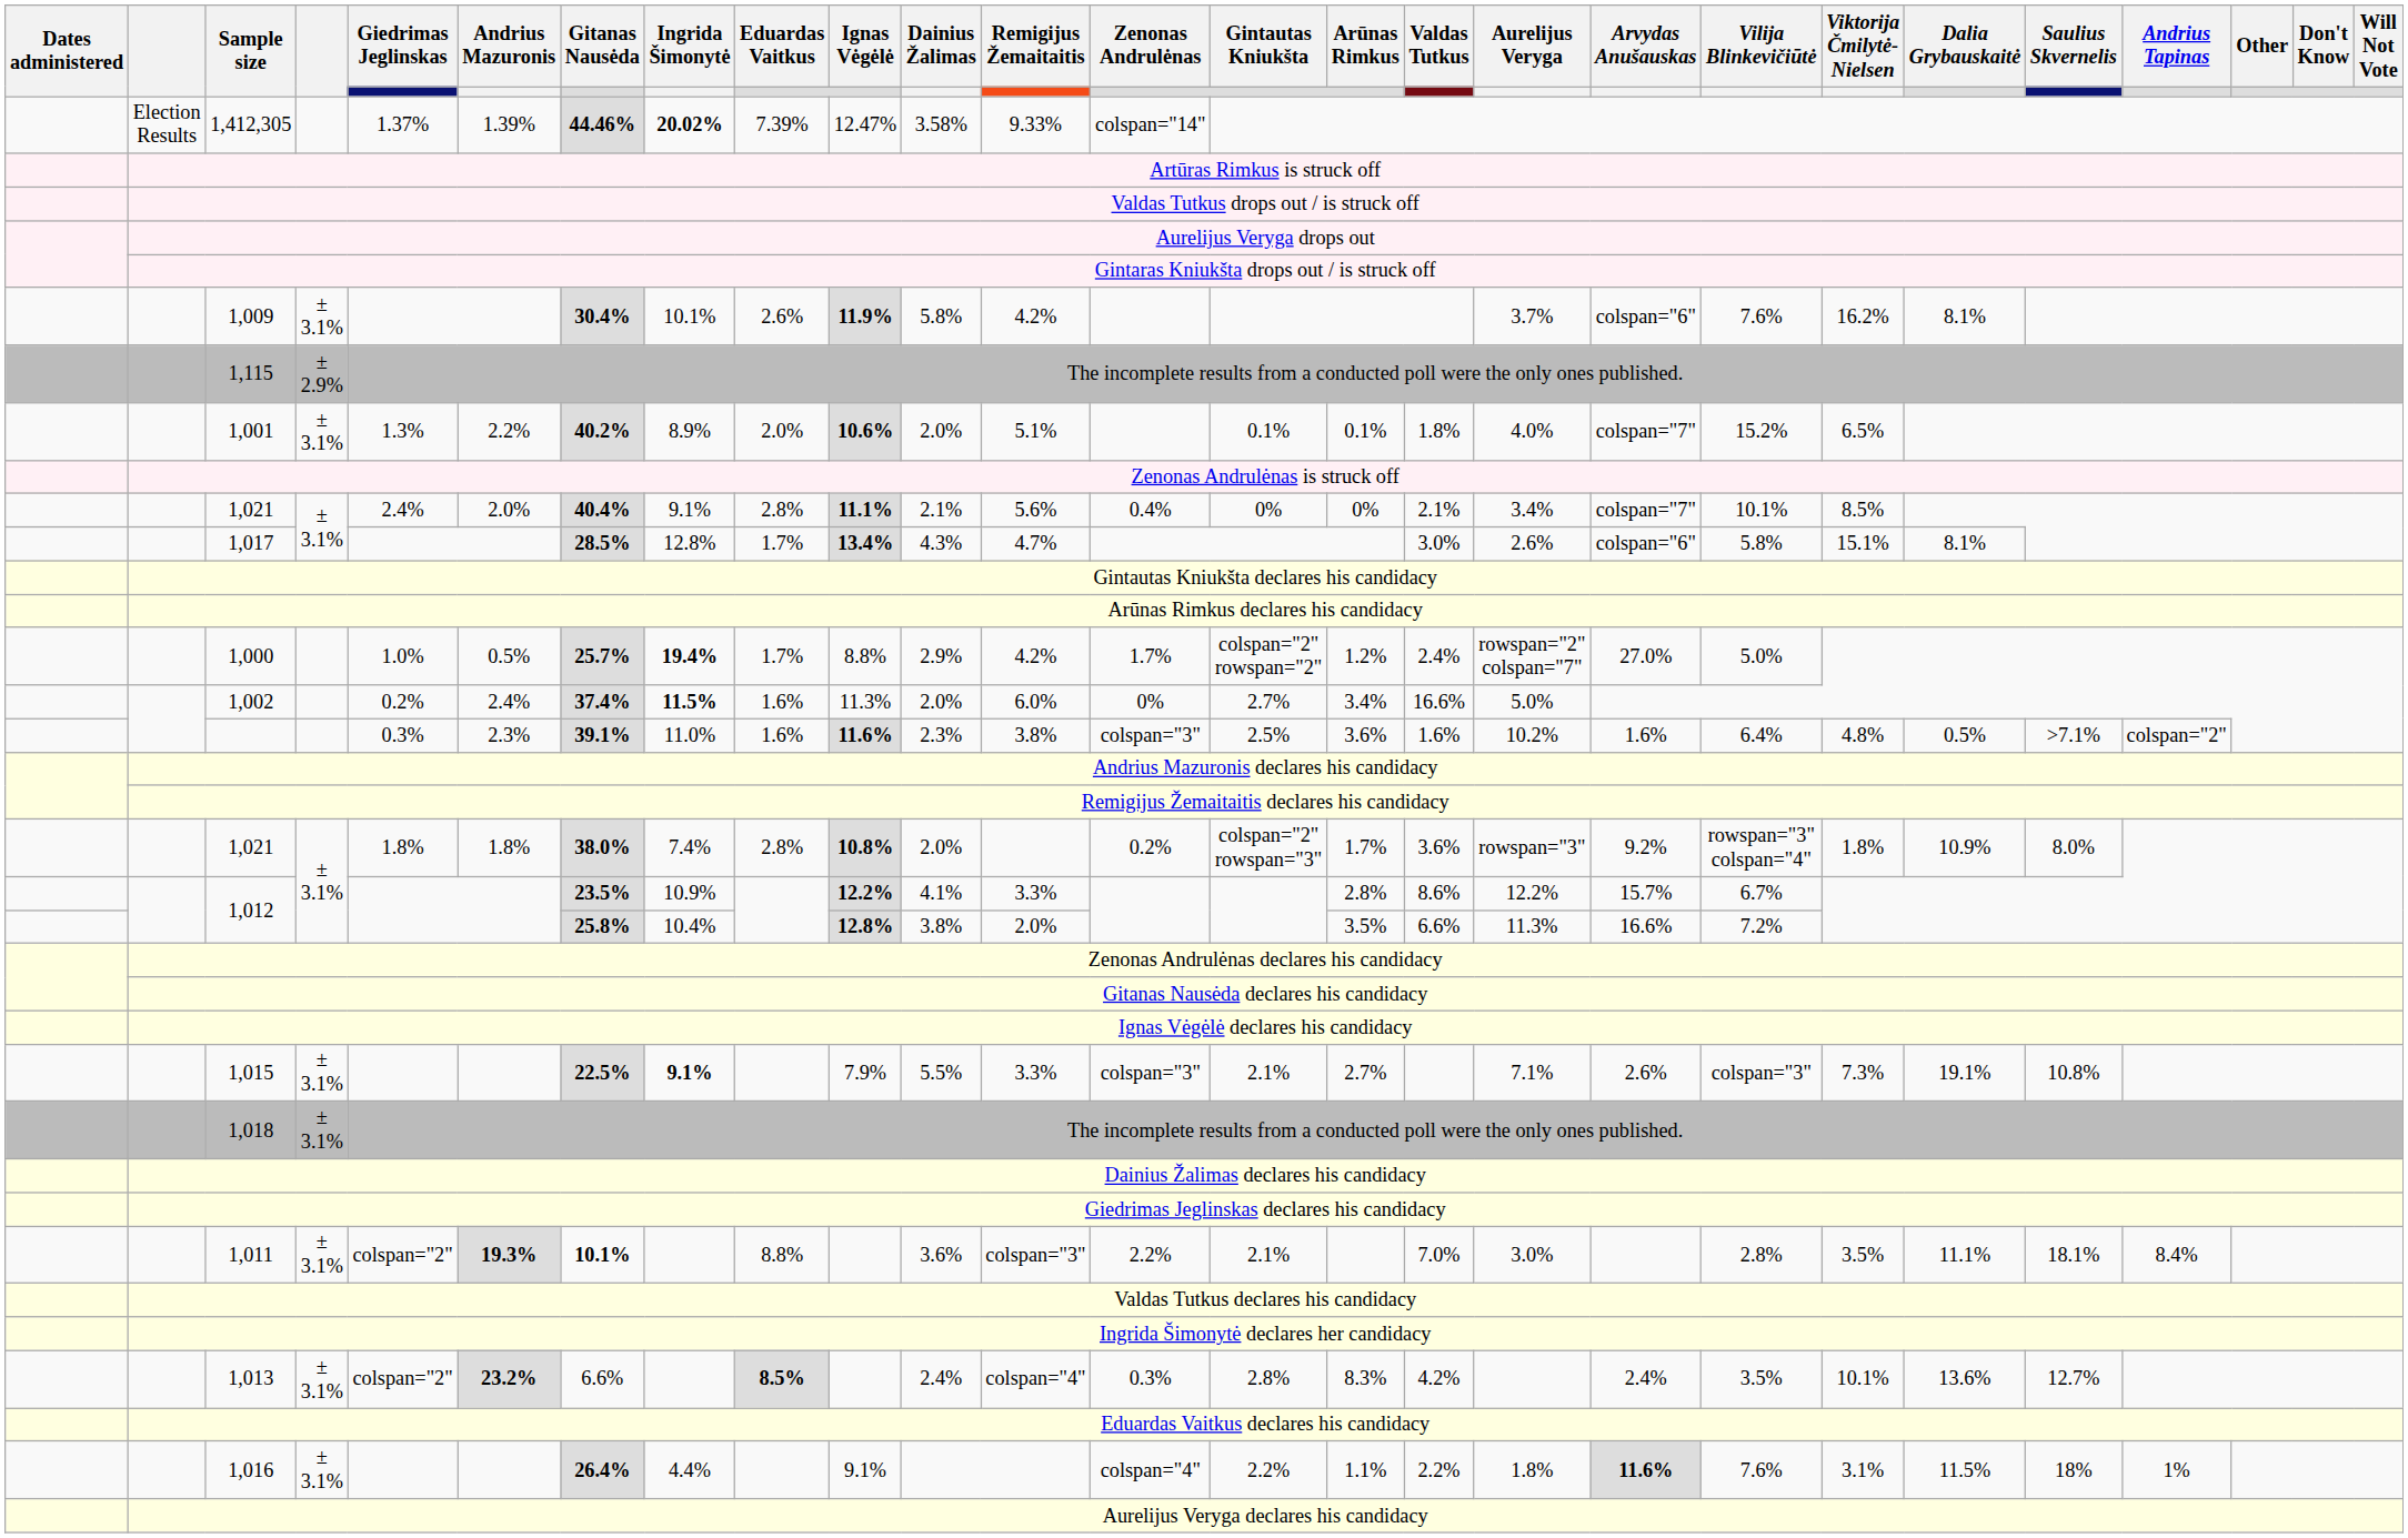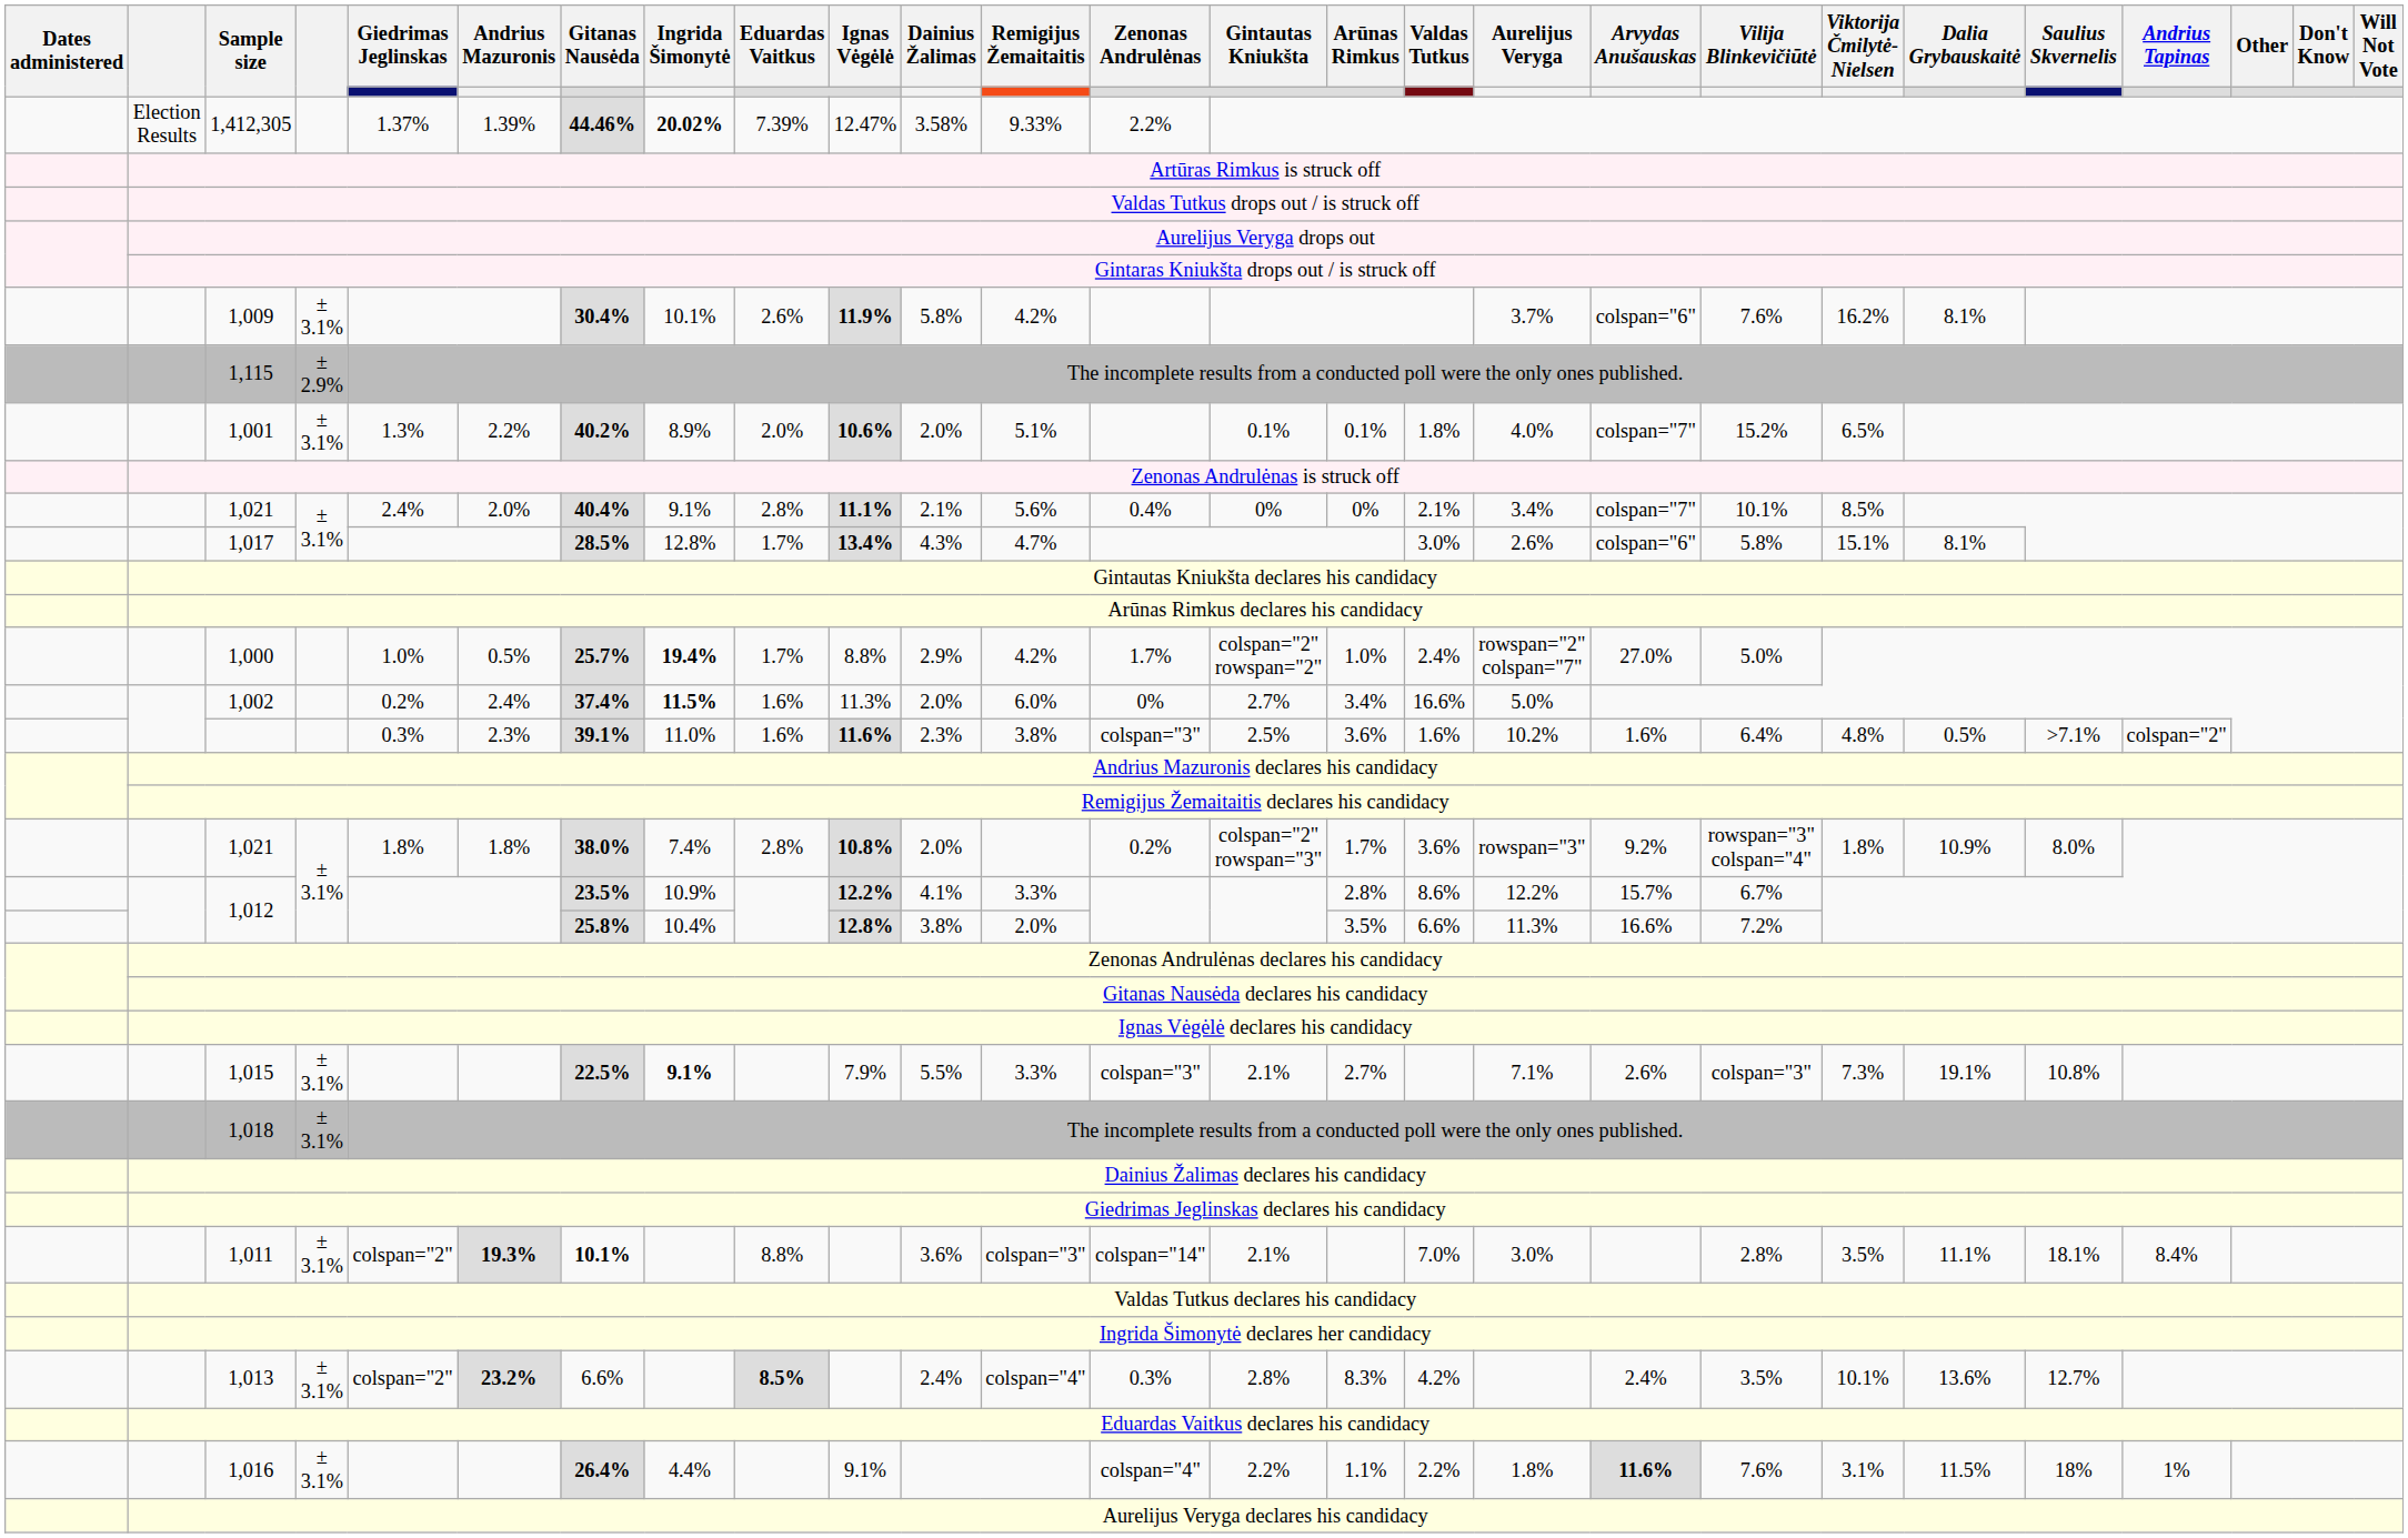 <table class="wikitable sortable mw-collapsible" style="text-align:center;font-size:90%;line-height:17px">
 <tr>
 <th style="width:150px;" rowspan="2">Dates administered</th>
 <th rowspan="2"></th>
 <th rowspan="2">Sample<br>size</th>
 <th rowspan="2" class="unsortable"></th>
 <th>Giedrimas Jeglinskas</th>
 <th>Andrius Mazuronis</th>
 <th>Gitanas Nausėda</th>
 <th>Ingrida Šimonytė</th>
 <th>Eduardas Vaitkus</th>
 <th>Ignas Vėgėlė</th>
 <th>Dainius Žalimas</th>
 <th>Remigijus Žemaitaitis</th>
 <th>Zenonas Andrulėnas</th>
 <th>Gintautas Kniukšta</th>
 <th>Arūnas Rimkus</th>
 <th>Valdas Tutkus</th>
 <th>Aurelijus Veryga</th>
 <th><em>Arvydas Anušauskas</em></th>
 <th><em>Vilija Blinkevičiūtė</em></th>
 <th><em>Viktorija Čmilytė-Nielsen</em></th>
 <th><em>Dalia Grybauskaitė</em></th>
 <th><em>Saulius Skvernelis</em></th>
 <th><em><a href='#'>Andrius Tapinas</a></em></th>
 <th>Other</th>
 <th>Don't Know</th>
 <th>Will Not Vote</th>
 </tr>
 <tr>
 <th style="background:#0A1172; width:35px;"></th>
 <th style="background:"></th>
 <th style="background:#DDDDDD; width:35px;"></th>
 <th style="background:"></th>
 <th colspan="2" style="background:#DDDDDD; width:35px;"></th>
 <th style="background:"></th>
 <th style="background:#F54B17; width:35px;"></th>
 <th colspan="3" style="background:#DDDDDD; width:35px;"></th>
 <th style="background:#750A12; width:35px;"></th>
 <th style="background:"></th>
 <th style="background:"></th>
 <th style="background:"></th>
 <th style="background:"></th>
 <th style="background:#DDDDDD; width:35px;"></th>
 <th style="background:#0A1172; width:35px;"></th>
 <th style="background:#DDDDDD; width:35px;"></th>
 <th colspan=3 style="background:#DDDDDD; width:35px;"></th>
 </tr>
 <tr>
 <td></td>
 <td>Election Results</td>
 <td>1,412,305</td>
 <td></td>
 <td>1.37%</td>
 <td>1.39%</td>
 <td style="background:#DDDDDD; width:40px;"><strong>44.46%</strong></td>
 <td style="background:"><strong>20.02%</strong></td>
 <td>7.39%</td>
 <td>12.47%</td>
 <td>3.58%</td>
 <td>9.33%</td>
-<td>colspan="14" </td>
+<td>2.2%</td>
 </tr>
 <tr class="sortbottom" style="background:lavenderblush;">
 <td style="font-size:80%"></td>
 <td colspan="25"><a href='#'>Artūras Rimkus</a> is struck off</td>
 </tr>
 <tr class="sortbottom" style="background:lavenderblush;">
 <td style="font-size:80%"></td>
 <td colspan="25"><a href='#'>Valdas Tutkus</a> drops out / is struck off</td>
 </tr>
 <tr class="sortbottom" style="background:lavenderblush;">
 <td rowspan=2 style="font-size:80%"></td>
 <td colspan="25"><a href='#'>Aurelijus Veryga</a> drops out</td>
 </tr>
 <tr class="sortbottom" style="background:lavenderblush;">
 <td colspan="25"><a href='#'>Gintaras Kniukšta</a> drops out / is struck off</td>
 </tr>
 <tr>
 <td></td>
 <td></td>
 <td>1,009</td>
 <td>± 3.1%</td>
 <td colspan="2"></td>
 <td style="background:#DDDDDD; width:40px;"><strong>30.4%</strong></td>
 <td>10.1%</td>
 <td>2.6%</td>
 <td style="background:#DDDDDD; width:40px;"><strong>11.9%</strong></td>
 <td>5.8%</td>
 <td>4.2%</td>
 <td></td>
 <td colspan="3"></td>
 <td>3.7%</td>
 <td>colspan="6" </td>
 <td>7.6%</td>
 <td>16.2%</td>
 <td>8.1%</td>
 </tr>
 <tr style="background:#BBBBBB";>
 <td></td>
 <td></td>
 <td>1,115</td>
 <td>± 2.9%</td>
 <td colspan="22">The incomplete results from a conducted poll were the only ones published.</td>
 </tr>
 <tr>
 <td></td>
 <td></td>
 <td>1,001</td>
 <td>± 3.1%</td>
 <td>1.3%</td>
 <td>2.2%</td>
 <td style="background:#DDDDDD; width:40px;"><strong>40.2%</strong></td>
 <td>8.9%</td>
 <td>2.0%</td>
 <td style="background:#DDDDDD; width:40px;"><strong>10.6%</strong></td>
 <td>2.0%</td>
 <td>5.1%</td>
 <td></td>
 <td>0.1%</td>
 <td>0.1%</td>
 <td>1.8%</td>
 <td>4.0%</td>
 <td>colspan="7" </td>
 <td>15.2%</td>
 <td>6.5%</td>
 </tr>
 <tr class="sortbottom" style="background:lavenderblush;">
 <td style="font-size:80%"></td>
 <td colspan="25"><a href='#'>Zenonas Andrulėnas</a> is struck off</td>
 </tr>
 <tr>
 <td></td>
 <td></td>
 <td>1,021</td>
 <td rowspan=2>± 3.1%</td>
 <td>2.4%</td>
 <td>2.0%</td>
 <td style="background:#DDDDDD; width:40px;"><strong>40.4%</strong></td>
 <td>9.1%</td>
 <td>2.8%</td>
 <td style="background:#DDDDDD; width:40px;"><strong>11.1%</strong></td>
 <td>2.1%</td>
 <td>5.6%</td>
 <td>0.4%</td>
 <td>0%</td>
 <td>0%</td>
 <td>2.1%</td>
 <td>3.4%</td>
 <td>colspan="7" </td>
 <td>10.1%</td>
 <td>8.5%</td>
 </tr>
 <tr>
 <td></td>
 <td></td>
 <td>1,017</td>
 <td colspan="2"></td>
 <td style="background:#DDDDDD; width:40px;"><strong>28.5%</strong></td>
 <td>12.8%</td>
 <td>1.7%</td>
 <td style="background:#DDDDDD; width:40px;"><strong>13.4%</strong></td>
 <td>4.3%</td>
 <td>4.7%</td>
 <td colspan="3"></td>
 <td>3.0%</td>
 <td>2.6%</td>
 <td>colspan="6" </td>
 <td>5.8%</td>
 <td>15.1%</td>
 <td>8.1%</td>
 </tr>
 <tr class="sortbottom" style="background:lightyellow;">
 <td style="font-size:80%"></td>
 <td colspan="25">Gintautas Kniukšta declares his candidacy</td>
 </tr>
 <tr class="sortbottom" style="background:lightyellow;">
 <td style="font-size:80%"></td>
 <td colspan="25">Arūnas Rimkus declares his candidacy</td>
 </tr>
 <tr>
 <td></td>
 <td></td>
 <td>1,000</td>
 <td></td>
 <td>1.0%</td>
 <td>0.5%</td>
 <td style="background:#DDDDDD; width:40px;"><strong>25.7%</strong></td>
 <td style="background:"><strong>19.4%</strong></td>
 <td>1.7%</td>
 <td>8.8%</td>
 <td>2.9%</td>
 <td>4.2%</td>
 <td>1.7%</td>
 <td>colspan="2" rowspan="2" </td>
-<td>1.2%</td>
+<td>1.0%</td>
 <td>2.4%</td>
 <td>rowspan="2" colspan="7" </td>
 <td>27.0%</td>
 <td>5.0%</td>
 </tr>
 <tr>
 <td></td>
 <td rowspan="2"></td>
 <td>1,002</td>
 <td></td>
 <td>0.2%</td>
 <td>2.4%</td>
 <td style="background:#DDDDDD; width:40px;"><strong>37.4%</strong></td>
 <td style="background:"><strong>11.5%</strong></td>
 <td>1.6%</td>
 <td>11.3%</td>
 <td>2.0%</td>
 <td>6.0%</td>
 <td>0%</td>
 <td>2.7%</td>
 <td>3.4%</td>
 <td>16.6%</td>
 <td>5.0%</td>
 </tr>
 <tr>
 <td></td>
 <td></td>
 <td></td>
 <td>0.3%</td>
 <td>2.3%</td>
 <td style="background:#DDDDDD; width:40px;"><strong>39.1%</strong></td>
 <td>11.0%</td>
 <td>1.6%</td>
 <td style="background:#DDDDDD; width:40px;"><strong>11.6%</strong></td>
 <td>2.3%</td>
 <td>3.8%</td>
 <td>colspan="3" </td>
 <td>2.5%</td>
 <td>3.6%</td>
 <td>1.6%</td>
 <td>10.2%</td>
 <td>1.6%</td>
 <td>6.4%</td>
 <td>4.8%</td>
 <td>0.5%</td>
 <td>>7.1%</td>
 <td>colspan="2" </td>
 </tr>
 <tr class="sortbottom" style="background:lightyellow;">
 <td rowspan=2 style="font-size:80%"></td>
 <td colspan="25"><a href='#'>Andrius Mazuronis</a> declares his candidacy</td>
 </tr>
 <tr class="sortbottom" style="background:lightyellow;">
 <td colspan="25"><a href='#'>Remigijus Žemaitaitis</a> declares his candidacy</td>
 </tr>
 <tr>
 <td></td>
 <td></td>
 <td>1,021</td>
 <td rowspan=3>± 3.1%</td>
 <td>1.8%</td>
 <td>1.8%</td>
 <td style="background:#DDDDDD; width:40px;"><strong>38.0%</strong></td>
 <td>7.4%</td>
 <td>2.8%</td>
 <td style="background:#DDDDDD; width:40px;"><strong>10.8%</strong></td>
 <td>2.0%</td>
 <td></td>
 <td>0.2%</td>
 <td>colspan="2" rowspan="3" </td>
 <td>1.7%</td>
 <td>3.6%</td>
 <td>rowspan="3" </td>
 <td>9.2%</td>
 <td>rowspan="3" colspan="4" </td>
 <td>1.8%</td>
 <td>10.9%</td>
 <td>8.0%</td>
 </tr>
 <tr>
 <td></td>
 <td rowspan="2"></td>
 <td rowspan="2">1,012</td>
 <td colspan="2" rowspan="2"></td>
 <td style="background:#DDDDDD; width:40px;"><strong>23.5%</strong></td>
 <td>10.9%</td>
 <td rowspan="2"></td>
 <td style="background:#DDDDDD; width:40px;"><strong>12.2%</strong></td>
 <td>4.1%</td>
 <td>3.3%</td>
 <td rowspan="2"></td>
 <td rowspan="2"></td>
 <td>2.8%</td>
 <td>8.6%</td>
 <td>12.2%</td>
 <td>15.7%</td>
 <td>6.7%</td>
 </tr>
 <tr>
 <td></td>
 <td style="background:#DDDDDD; width:40px;"><strong>25.8%</strong></td>
 <td>10.4%</td>
 <td style="background:#DDDDDD; width:40px;"><strong>12.8%</strong></td>
 <td>3.8%</td>
 <td>2.0%</td>
 <td>3.5%</td>
 <td>6.6%</td>
 <td>11.3%</td>
 <td>16.6%</td>
 <td>7.2%</td>
 </tr>
 <tr class="sortbottom" style="background:lightyellow;">
 <td rowspan=2 style="font-size:80%"></td>
 <td colspan="25">Zenonas Andrulėnas declares his candidacy</td>
 </tr>
 <tr class="sortbottom" style="background:lightyellow;">
 <td colspan="25"><a href='#'>Gitanas Nausėda</a> declares his candidacy</td>
 </tr>
 <tr class="sortbottom" style="background:lightyellow;">
 <td style="font-size:80%"></td>
 <td colspan="25"><a href='#'>Ignas Vėgėlė</a> declares his candidacy</td>
 </tr>
 <tr>
 <td></td>
 <td></td>
 <td>1,015</td>
 <td>± 3.1%</td>
 <td></td>
 <td></td>
 <td style="background:#DDDDDD; width:40px;"><strong>22.5%</strong></td>
 <td style="background:"><strong>9.1%</strong></td>
 <td></td>
 <td>7.9%</td>
 <td>5.5%</td>
 <td>3.3%</td>
 <td>colspan="3" </td>
 <td>2.1%</td>
 <td>2.7%</td>
 <td></td>
 <td>7.1%</td>
 <td>2.6%</td>
 <td>colspan="3" </td>
 <td>7.3%</td>
 <td>19.1%</td>
 <td>10.8%</td>
 </tr>
 <tr style="background:#BBBBBB";>
 <td></td>
 <td></td>
 <td>1,018</td>
 <td>± 3.1%</td>
 <td colspan="22">The incomplete results from a conducted poll were the only ones published.</td>
 </tr>
 <tr class="sortbottom" style="background:lightyellow;">
 <td style="font-size:80%"></td>
 <td colspan="25"><a href='#'>Dainius Žalimas</a> declares his candidacy</td>
 </tr>
 <tr class="sortbottom" style="background:lightyellow;">
 <td style="font-size:80%"></td>
 <td colspan="25"><a href='#'>Giedrimas Jeglinskas</a> declares his candidacy</td>
 </tr>
 <tr>
 <td></td>
 <td></td>
 <td>1,011</td>
 <td>± 3.1%</td>
 <td>colspan="2" </td>
 <td style="background:#DDDDDD; width:40px;"><strong>19.3%</strong></td>
 <td style="background:"><strong>10.1%</strong></td>
 <td></td>
 <td>8.8%</td>
 <td></td>
 <td>3.6%</td>
 <td>colspan="3" </td>
-<td>2.2%</td>
+<td>colspan="14" </td>
 <td>2.1%</td>
 <td></td>
 <td>7.0%</td>
 <td>3.0%</td>
 <td></td>
 <td>2.8%</td>
 <td>3.5%</td>
 <td>11.1%</td>
 <td>18.1%</td>
 <td>8.4%</td>
 </tr>
 <tr class="sortbottom" style="background:lightyellow;">
 <td style="font-size:80%"></td>
 <td colspan="25">Valdas Tutkus declares his candidacy</td>
 </tr>
 <tr class="sortbottom" style="background:lightyellow;">
 <td style="font-size:80%"></td>
 <td colspan="25"><a href='#'>Ingrida Šimonytė</a> declares her candidacy</td>
 </tr>
 <tr>
 <td></td>
 <td></td>
 <td>1,013</td>
 <td>± 3.1%</td>
 <td>colspan="2" </td>
 <td style="background:#DDDDDD; width:40px;"><strong>23.2%</strong></td>
 <td>6.6%</td>
 <td></td>
 <td style="background:#DDDDDD; width:40px;"><strong>8.5%</strong></td>
 <td></td>
 <td>2.4%</td>
 <td>colspan="4" </td>
 <td>0.3%</td>
 <td>2.8%</td>
 <td>8.3%</td>
 <td>4.2%</td>
 <td></td>
 <td>2.4%</td>
 <td>3.5%</td>
 <td>10.1%</td>
 <td>13.6%</td>
 <td>12.7%</td>
 </tr>
 <tr class="sortbottom" style="background:lightyellow;">
 <td style="font-size:80%"></td>
 <td colspan="25"><a href='#'>Eduardas Vaitkus</a> declares his candidacy</td>
 </tr>
 <tr>
 <td></td>
 <td></td>
 <td>1,016</td>
 <td>± 3.1%</td>
 <td></td>
 <td></td>
 <td style="background:#DDDDDD; width:40px;"><strong>26.4%</strong></td>
 <td>4.4%</td>
 <td></td>
 <td>9.1%</td>
 <td colspan="2"></td>
 <td>colspan="4" </td>
 <td>2.2%</td>
 <td>1.1%</td>
 <td>2.2%</td>
 <td>1.8%</td>
 <td style="background:#DDDDDD; width:40px;"><strong>11.6%</strong></td>
 <td>7.6%</td>
 <td>3.1%</td>
 <td>11.5%</td>
 <td>18%</td>
 <td>1%</td>
 </tr>
 <tr class="sortbottom" style="background:lightyellow;">
 <td style="font-size:80%"></td>
 <td colspan="25">Aurelijus Veryga declares his candidacy</td>
 </tr>
 </table>
